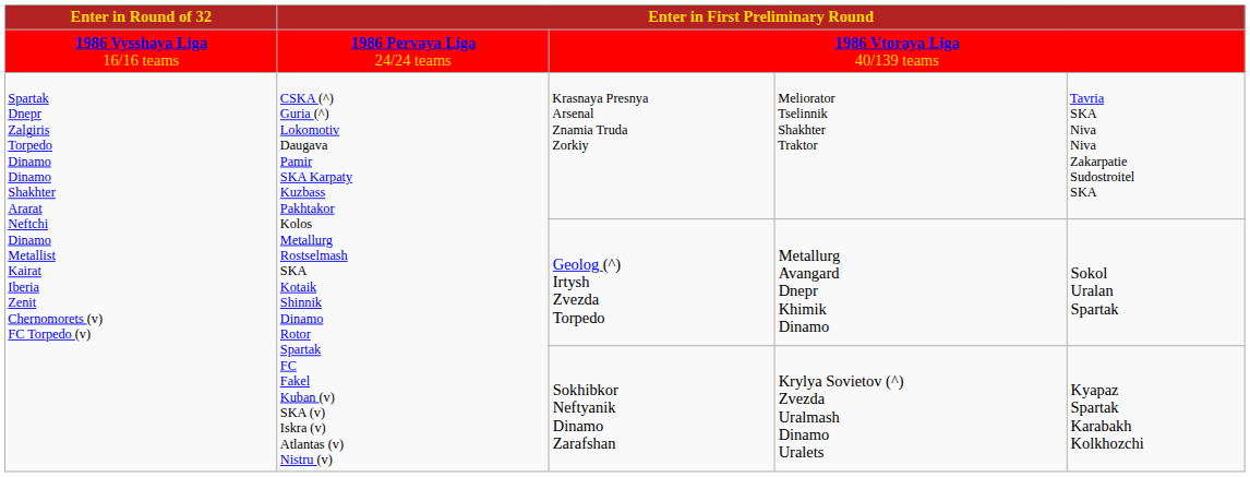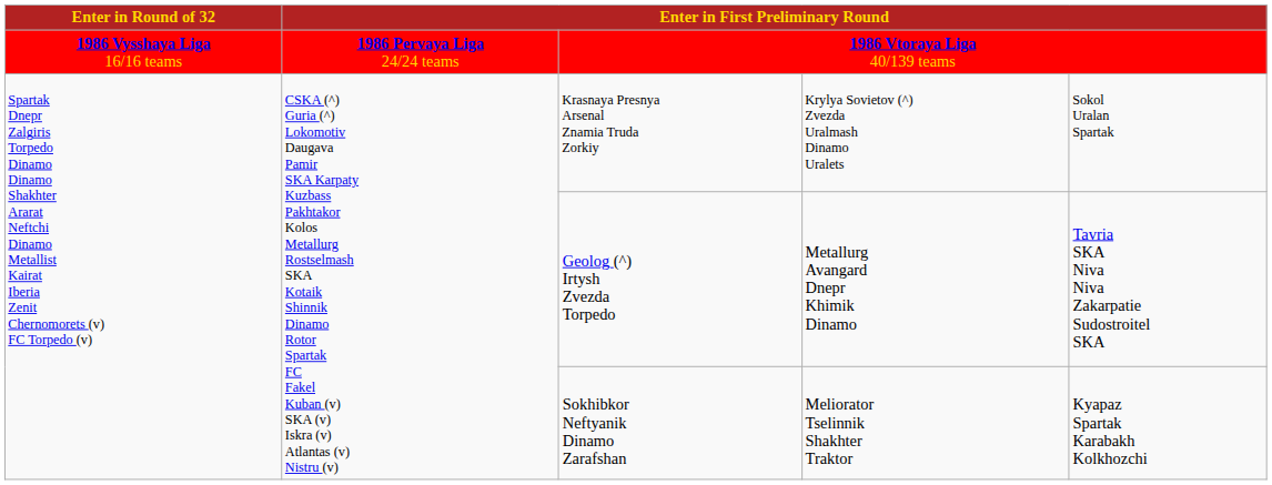 <table class="wikitable" style="width:100%;">
 <tr style="background:Firebrick; text-align:center;">
 <td style="width:18%; color:Gold" colspan="1"><strong>Enter in Round of 32</strong></td>
 <td style="width:82%; color:Gold" colspan="4"><strong>Enter in First Preliminary Round</strong></td>
 </tr>
 <tr style="background:Red;">
 <td style="text-align:center; width:18%; color:Gold"><strong><a href='#'><span>1986 Vysshaya Liga</span></a></strong><br>16/16 teams</td>
 <td style="text-align:center; width:18%; color:Gold"><strong><a href='#'><span>1986 Pervaya Liga</span></a></strong><br>24/24 teams</td>
 <td style="text-align:center; width:46%; color:Gold" colspan=3><strong><a href='#'><span>1986 Vtoraya Liga</span></a></strong><br>40/139 teams</td>
 </tr>
 <tr style="vertical-align:top; font-size:85%;">
 <td rowspan=3><br> <a href='#'>Spartak </a><br>  <a href='#'>Dnepr </a><br>  <a href='#'>Zalgiris </a><br>  <a href='#'>Torpedo </a><br>  <a href='#'>Dinamo </a><br>  <a href='#'>Dinamo </a><br>  <a href='#'>Shakhter </a><br>  <a href='#'>Ararat </a><br>  <a href='#'>Neftchi </a><br>  <a href='#'>Dinamo </a><br>  <a href='#'>Metallist </a><br>  <a href='#'>Kairat </a><br>  <a href='#'>Iberia </a><br>  <a href='#'>Zenit </a><br>  <a href='#'>Chernomorets </a> (v)<br>  <a href='#'>FC Torpedo </a> (v)</td>
 <td rowspan=3><br> <a href='#'>CSKA </a> (^)<br>  <a href='#'>Guria </a> (^)<br>  <a href='#'>Lokomotiv </a><br>  Daugava <br>  <a href='#'>Pamir </a><br>  <a href='#'>SKA Karpaty </a><br>  <a href='#'>Kuzbass </a><br>  <a href='#'>Pakhtakor </a><br>  Kolos <br>  <a href='#'>Metallurg </a><br>  <a href='#'>Rostselmash </a><br>  SKA <br>  <a href='#'>Kotaik </a><br>  <a href='#'>Shinnik </a><br>  <a href='#'>Dinamo </a><br>  <a href='#'>Rotor </a><br>  <a href='#'>Spartak </a><br>  <a href='#'>FC </a><br>  <a href='#'>Fakel </a><br>  <a href='#'>Kuban </a> (v)<br>  SKA  (v)<br>  Iskra  (v)<br>  Atlantas  (v)<br>  <a href='#'>Nistru </a> (v)<br></td>
 <td><br> Krasnaya Presnya <br>  Arsenal <br>  Znamia Truda <br>  Zorkiy <br></td>
-<td><br> Meliorator <br>  Tselinnik <br>  Shakhter <br>  Traktor <br></td>
-<td><br> <a href='#'>Tavria </a><br>  SKA <br>  Niva <br>  Niva <br>  Zakarpatie <br>  Sudostroitel <br>  SKA <br></td>
+<td><br> Krylya Sovietov  (^)<br>  Zvezda <br>  Uralmash <br>  Dinamo <br>  Uralets <br></td>
+<td><br> Sokol <br>  Uralan <br>  Spartak <br></td>
 </tr>
 <tr>
 <td><br> <a href='#'>Geolog </a> (^)<br>  Irtysh <br>  Zvezda <br>  Torpedo <br></td>
 <td><br> Metallurg <br>  Avangard <br>  Dnepr <br>  Khimik <br>  Dinamo <br></td>
-<td><br> Sokol <br>  Uralan <br>  Spartak <br></td>
+<td><br> <a href='#'>Tavria </a><br>  SKA <br>  Niva <br>  Niva <br>  Zakarpatie <br>  Sudostroitel <br>  SKA <br></td>
 </tr>
 <tr>
 <td><br> Sokhibkor <br>  Neftyanik <br>  Dinamo <br>  Zarafshan <br></td>
-<td><br> Krylya Sovietov  (^)<br>  Zvezda <br>  Uralmash <br>  Dinamo <br>  Uralets <br></td>
+<td><br> Meliorator <br>  Tselinnik <br>  Shakhter <br>  Traktor <br></td>
 <td><br> Kyapaz <br>  Spartak <br>  Karabakh <br>  Kolkhozchi <br></td>
 </tr>
 </table>
